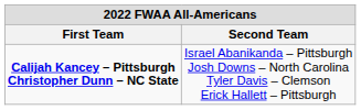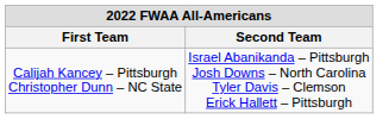 <table class="wikitable" style="white-space:nowrap; text-align:center; font-size:90%;">
 <tr>
 <td colspan="7" style="text-align:center; background:#ddd;"><strong>2022 FWAA All-Americans</strong></td>
 </tr>
 <tr>
 <th>First Team</th>
 <th>Second Team</th>
 </tr>
 <tr>
-<td><strong><a href='#'>Calijah Kancey</a> – Pittsburgh<br><a href='#'>Christopher Dunn</a> – NC State</strong></td>
+<td><a href='#'>Calijah Kancey</a> – Pittsburgh<br><a href='#'>Christopher Dunn</a> – NC State</td>
 <td><a href='#'>Israel Abanikanda</a> – Pittsburgh<br><a href='#'>Josh Downs</a> – North Carolina<br><a href='#'>Tyler Davis</a> – Clemson<br><a href='#'>Erick Hallett</a> – Pittsburgh</td>
 </tr>
 </table>
